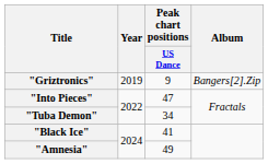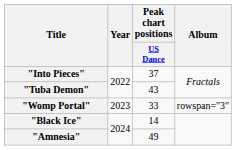 <table class="wikitable plainrowheaders" style="text-align:center;">
 <tr>
 <th scope="col" rowspan="2" style="width:10em;">Title</th>
 <th scope="col" rowspan="2" style="width:1em;">Year</th>
 <th>Peak chart positions</th>
 <th scope="col" rowspan="2">Album</th>
 </tr>
 <tr>
 <th scope="col" style="width:3em;font-size:85%;"><a href='#'>US<br>Dance</a><br></th>
 </tr>
 <tr>
-<th scope="row">"Griztronics"</th>
-<td>2019</td>
-<td>9</td>
-<td><em>Bangers[2].Zip</em></td>
-</tr>
-<tr>
 <th scope="row">"Into Pieces"<br></th>
 <td rowspan="2">2022</td>
-<td>47</td>
+<td>37</td>
 <td rowspan="2"><em>Fractals</em></td>
 </tr>
 <tr>
 <th scope="row">"Tuba Demon"</th>
-<td>34</td>
+<td>43</td>
+</tr>
+<tr>
+<th scope="row">"Womp Portal"<br></th>
+<td>2023</td>
+<td>33</td>
+<td>rowspan="3" </td>
 </tr>
 <tr>
 <th scope="row">"Black Ice"<br></th>
 <td rowspan="2">2024</td>
-<td>41</td>
+<td>14</td>
 </tr>
 <tr>
 <th scope="row">"Amnesia"</th>
 <td>49</td>
 </tr>
 </table>
